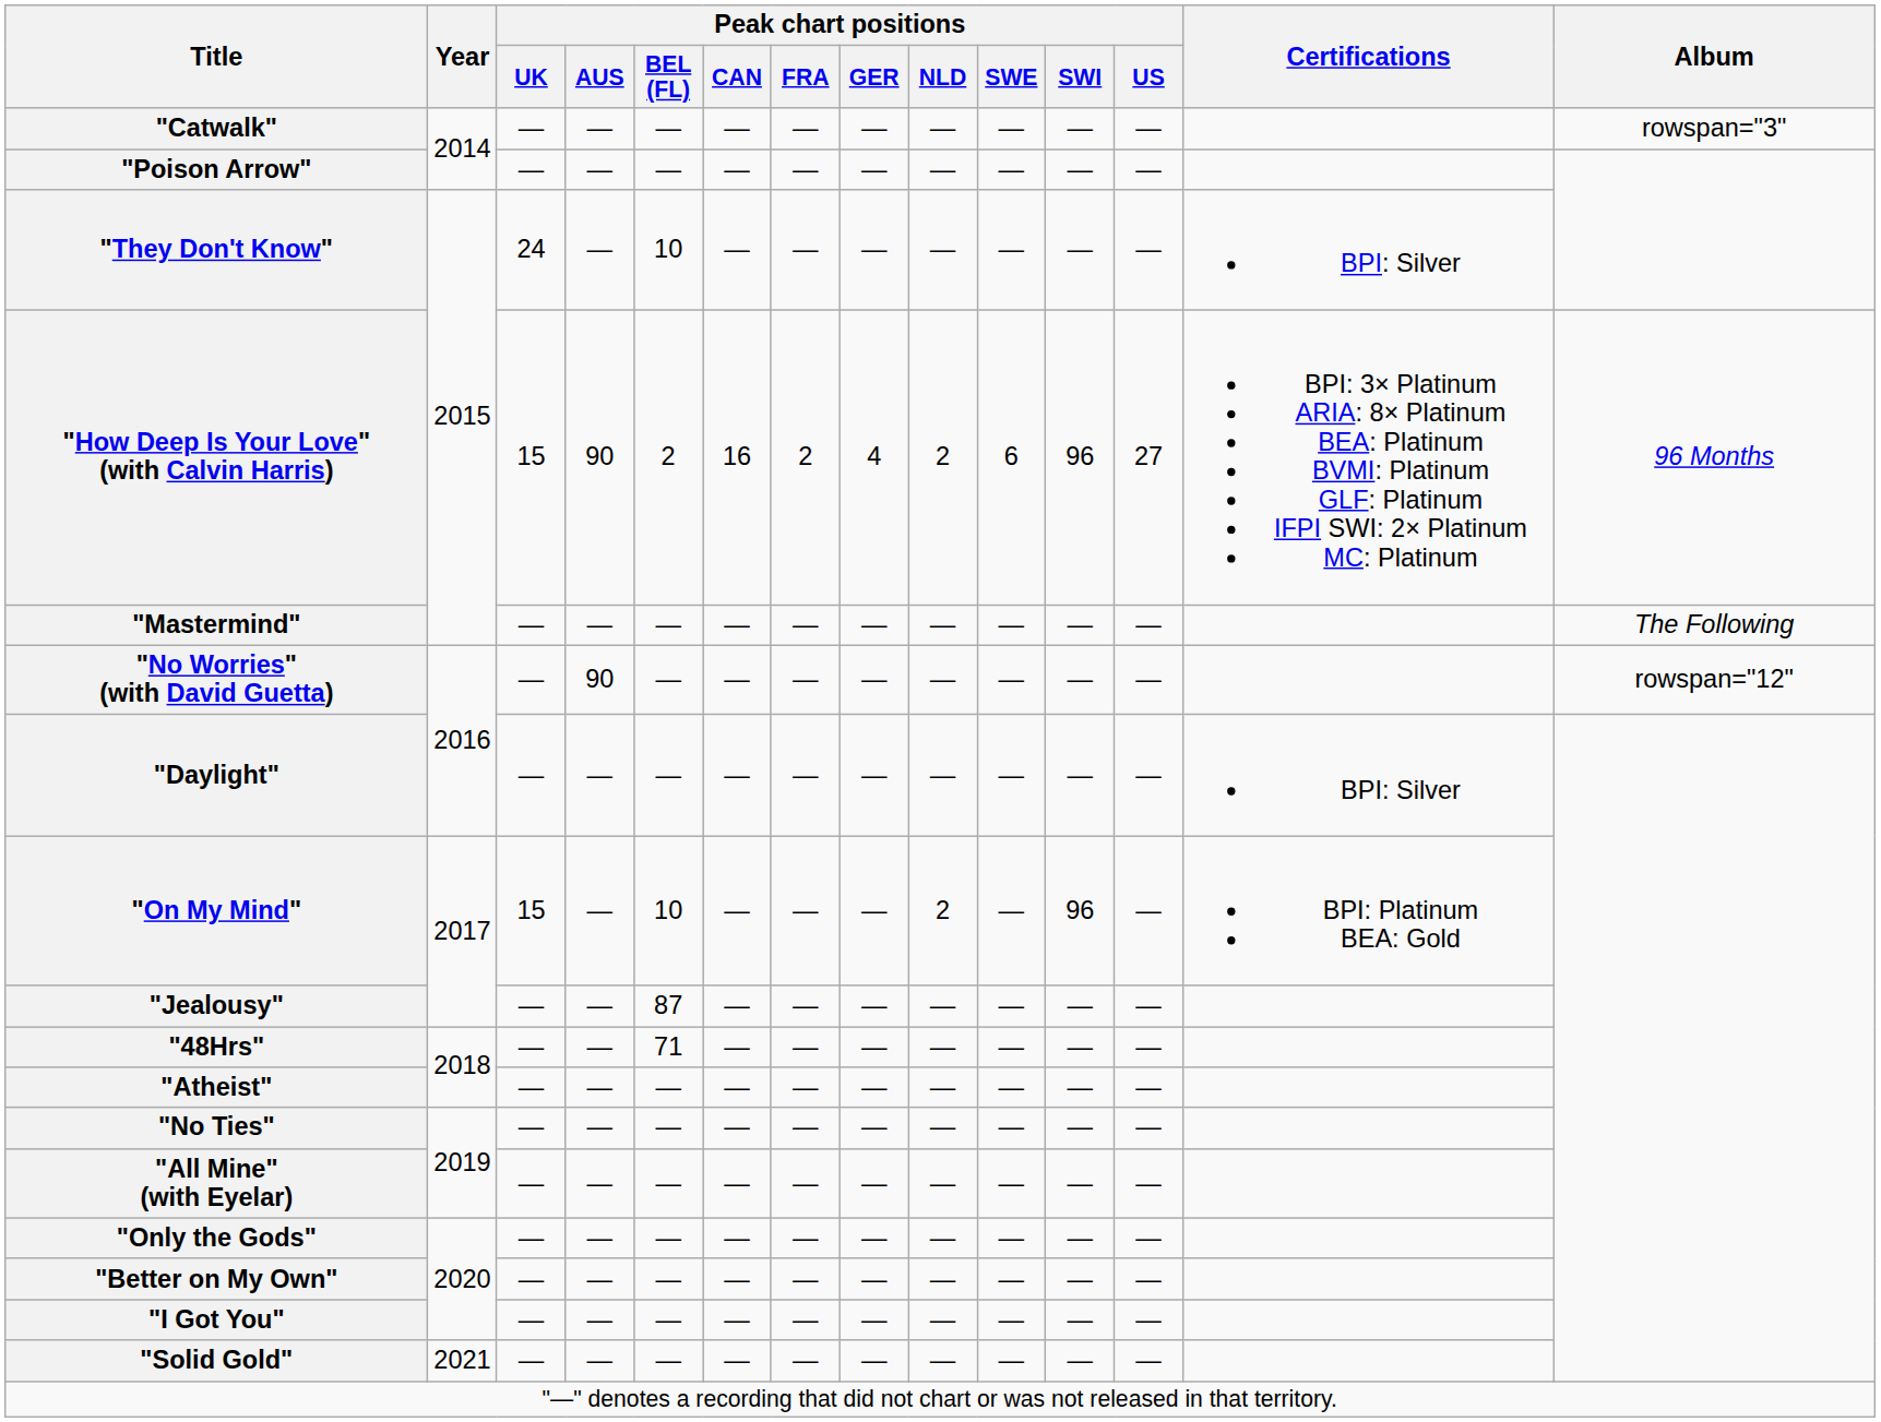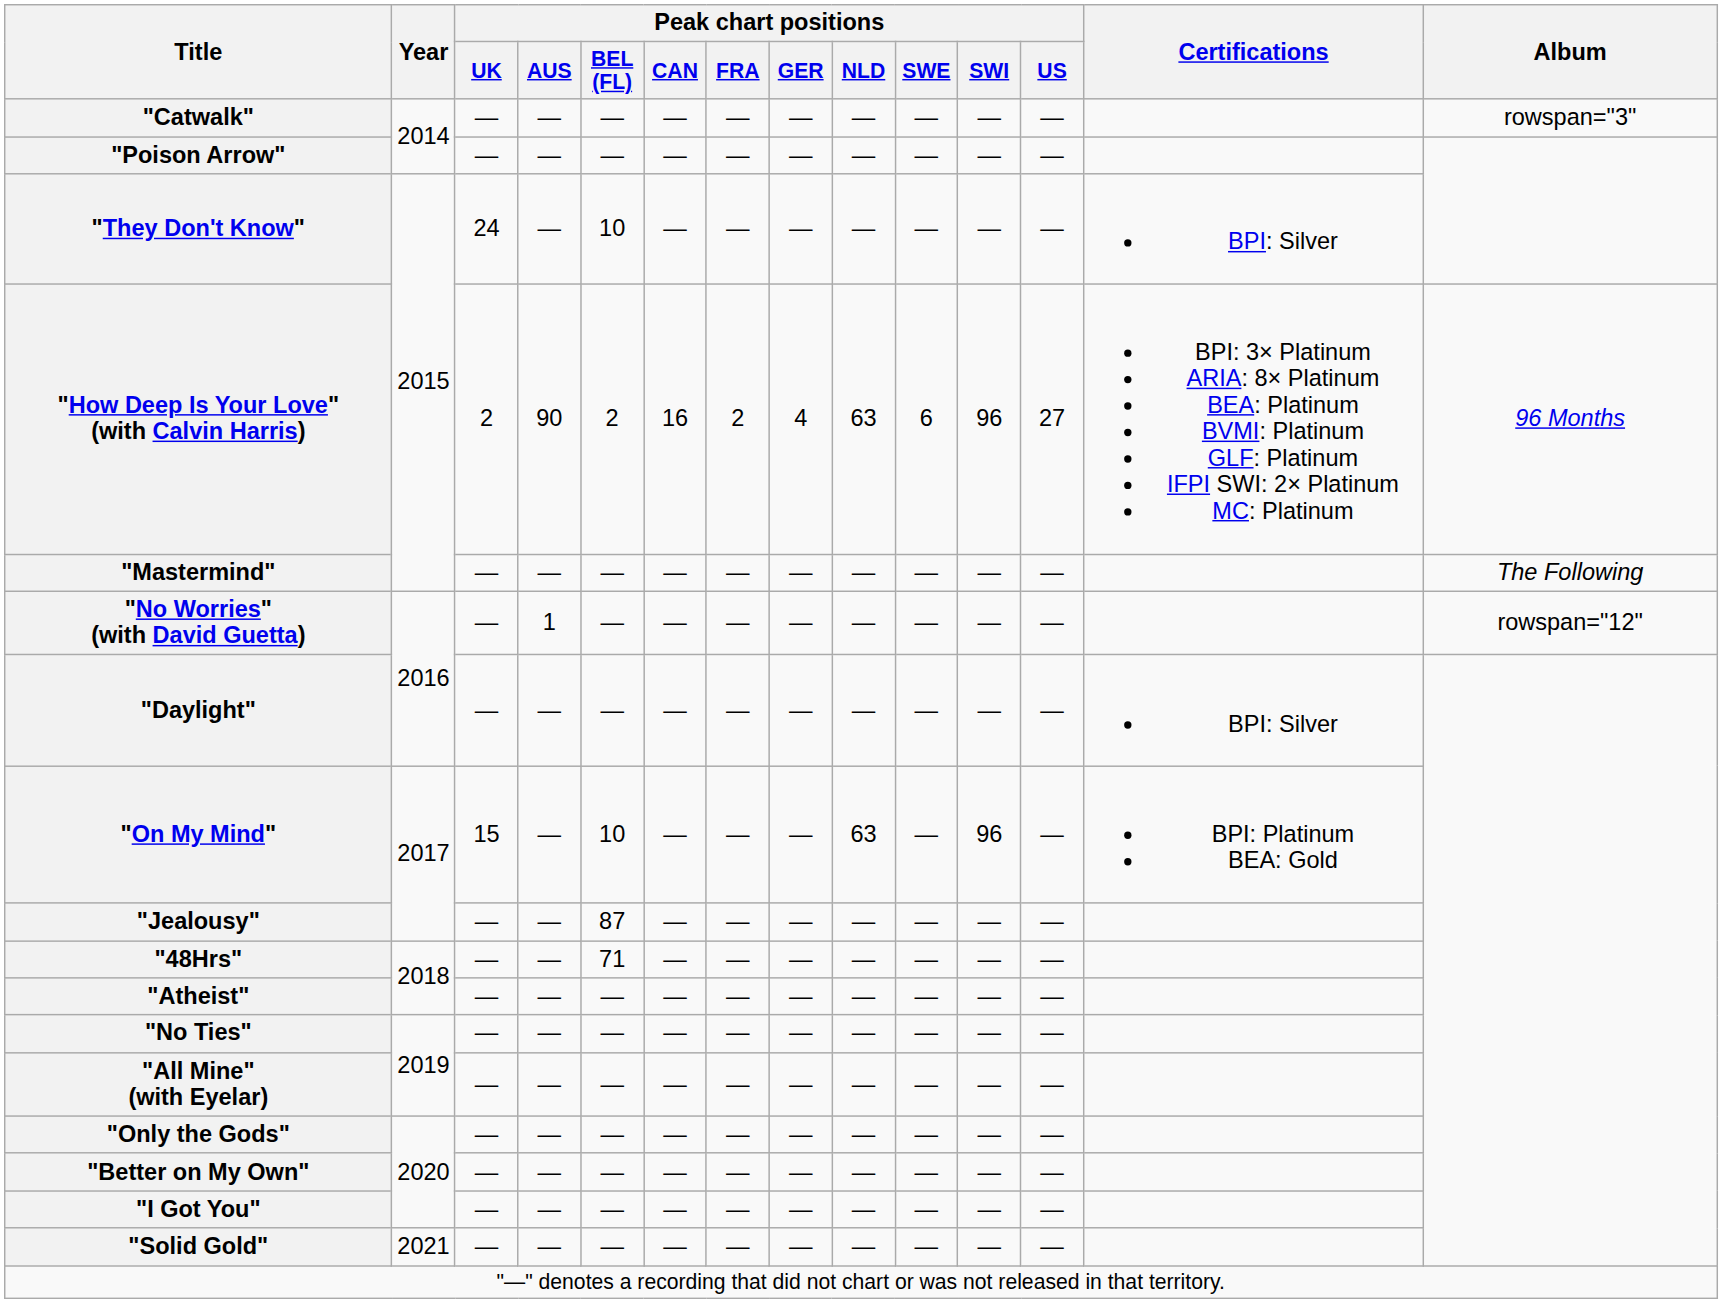 <table class="wikitable plainrowheaders" style="text-align:center;">
 <tr>
 <th scope="col" rowspan="2" style="width:16em;">Title</th>
 <th scope="col" rowspan="2" style="width:1em;">Year</th>
 <th scope="col" colspan="10">Peak chart positions</th>
 <th scope="col" rowspan="2" style="width:14em;"><a href='#'>Certifications</a></th>
 <th scope="col" rowspan="2" style="width:12em;">Album</th>
 </tr>
 <tr>
 <th scope="col" style="width:2.5em;font-size:90%;"><a href='#'>UK</a><br></th>
 <th scope="col" style="width:2.5em;font-size:90%;"><a href='#'>AUS</a><br></th>
 <th scope="col" style="width:2.5em;font-size:90%;"><a href='#'>BEL<br>(FL)</a><br></th>
 <th scope="col" style="width:2.5em;font-size:90%;"><a href='#'>CAN</a><br></th>
 <th scope="col" style="width:2.5em;font-size:90%;"><a href='#'>FRA</a><br></th>
 <th scope="col" style="width:2.5em;font-size:90%;"><a href='#'>GER</a><br></th>
 <th scope="col" style="width:2.5em;font-size:90%;"><a href='#'>NLD</a><br></th>
 <th scope="col" style="width:2.5em;font-size:90%;"><a href='#'>SWE</a><br></th>
 <th scope="col" style="width:2.5em;font-size:90%;"><a href='#'>SWI</a><br></th>
 <th scope="col" style="width:2.5em;font-size:90%;"><a href='#'>US</a><br></th>
 </tr>
 <tr>
 <th scope="row">"Catwalk"</th>
 <td rowspan="2">2014</td>
 <td>—</td>
 <td>—</td>
 <td>—</td>
 <td>—</td>
 <td>—</td>
 <td>—</td>
 <td>—</td>
 <td>—</td>
 <td>—</td>
 <td>—</td>
 <td></td>
 <td>rowspan="3" </td>
 </tr>
 <tr>
 <th scope="row">"Poison Arrow"</th>
 <td>—</td>
 <td>—</td>
 <td>—</td>
 <td>—</td>
 <td>—</td>
 <td>—</td>
 <td>—</td>
 <td>—</td>
 <td>—</td>
 <td>—</td>
 <td></td>
 </tr>
 <tr>
 <th scope="row">"<a href='#'>They Don't Know</a>"</th>
 <td rowspan="3">2015</td>
 <td>24</td>
 <td>—</td>
 <td>10</td>
 <td>—</td>
 <td>—</td>
 <td>—</td>
 <td>—</td>
 <td>—</td>
 <td>—</td>
 <td>—</td>
 <td><br><ul><li><a href='#'>BPI</a>: Silver</li></ul></td>
 </tr>
 <tr>
 <th scope="row">"<a href='#'>How Deep Is Your Love</a>"<br><span>(with <a href='#'>Calvin Harris</a>)</span></th>
-<td>15</td>
+<td>2</td>
 <td>90</td>
 <td>2</td>
 <td>16</td>
 <td>2</td>
 <td>4</td>
-<td>2</td>
+<td>63</td>
 <td>6</td>
 <td>96</td>
 <td>27</td>
 <td><br><ul><li>BPI: 3× Platinum</li><li><a href='#'>ARIA</a>: 8× Platinum</li><li><a href='#'>BEA</a>: Platinum</li><li><a href='#'>BVMI</a>: Platinum</li><li><a href='#'>GLF</a>: Platinum</li><li><a href='#'>IFPI</a> SWI: 2× Platinum</li><li><a href='#'>MC</a>: Platinum</li></ul></td>
 <td><em><a href='#'>96 Months</a></em></td>
 </tr>
 <tr>
 <th scope="row">"Mastermind"</th>
 <td>—</td>
 <td>—</td>
 <td>—</td>
 <td>—</td>
 <td>—</td>
 <td>—</td>
 <td>—</td>
 <td>—</td>
 <td>—</td>
 <td>—</td>
 <td></td>
 <td><em>The Following</em></td>
 </tr>
 <tr>
 <th scope="row">"<a href='#'>No Worries</a>"<br><span>(with <a href='#'>David Guetta</a>)</span></th>
 <td rowspan="2">2016</td>
 <td>—</td>
-<td>90</td>
+<td>1</td>
 <td>—</td>
 <td>—</td>
 <td>—</td>
 <td>—</td>
 <td>—</td>
 <td>—</td>
 <td>—</td>
 <td>—</td>
 <td></td>
 <td>rowspan="12" </td>
 </tr>
 <tr>
 <th scope="row">"Daylight"</th>
 <td>—</td>
 <td>—</td>
 <td>—</td>
 <td>—</td>
 <td>—</td>
 <td>—</td>
 <td>—</td>
 <td>—</td>
 <td>—</td>
 <td>—</td>
 <td><br><ul><li>BPI: Silver</li></ul></td>
 </tr>
 <tr>
 <th scope="row">"<a href='#'>On My Mind</a>"</th>
 <td rowspan="2">2017</td>
 <td>15</td>
 <td>—</td>
 <td>10</td>
 <td>—</td>
 <td>—</td>
 <td>—</td>
-<td>2</td>
+<td>63</td>
 <td>—</td>
 <td>96</td>
 <td>—</td>
 <td><br><ul><li>BPI: Platinum</li><li>BEA: Gold</li></ul></td>
 </tr>
 <tr>
 <th scope="row">"Jealousy"</th>
 <td>—</td>
 <td>—</td>
 <td>87</td>
 <td>—</td>
 <td>—</td>
 <td>—</td>
 <td>—</td>
 <td>—</td>
 <td>—</td>
 <td>—</td>
 <td></td>
 </tr>
 <tr>
 <th scope="row">"48Hrs"</th>
 <td rowspan="2">2018</td>
 <td>—</td>
 <td>—</td>
 <td>71</td>
 <td>—</td>
 <td>—</td>
 <td>—</td>
 <td>—</td>
 <td>—</td>
 <td>—</td>
 <td>—</td>
 <td></td>
 </tr>
 <tr>
 <th scope="row">"Atheist"</th>
 <td>—</td>
 <td>—</td>
 <td>—</td>
 <td>—</td>
 <td>—</td>
 <td>—</td>
 <td>—</td>
 <td>—</td>
 <td>—</td>
 <td>—</td>
 <td></td>
 </tr>
 <tr>
 <th scope="row">"No Ties"</th>
 <td rowspan="2">2019</td>
 <td>—</td>
 <td>—</td>
 <td>—</td>
 <td>—</td>
 <td>—</td>
 <td>—</td>
 <td>—</td>
 <td>—</td>
 <td>—</td>
 <td>—</td>
 <td></td>
 </tr>
 <tr>
 <th scope="row">"All Mine"<br><span>(with Eyelar)</span></th>
 <td>—</td>
 <td>—</td>
 <td>—</td>
 <td>—</td>
 <td>—</td>
 <td>—</td>
 <td>—</td>
 <td>—</td>
 <td>—</td>
 <td>—</td>
 <td></td>
 </tr>
 <tr>
 <th scope="row">"Only the Gods"<br></th>
 <td rowspan="3">2020</td>
 <td>—</td>
 <td>—</td>
 <td>—</td>
 <td>—</td>
 <td>—</td>
 <td>—</td>
 <td>—</td>
 <td>—</td>
 <td>—</td>
 <td>—</td>
 <td></td>
 </tr>
 <tr>
 <th scope="row">"Better on My Own"<br></th>
 <td>—</td>
 <td>—</td>
 <td>—</td>
 <td>—</td>
 <td>—</td>
 <td>—</td>
 <td>—</td>
 <td>—</td>
 <td>—</td>
 <td>—</td>
 <td></td>
 </tr>
 <tr>
 <th scope="row">"I Got You"</th>
 <td>—</td>
 <td>—</td>
 <td>—</td>
 <td>—</td>
 <td>—</td>
 <td>—</td>
 <td>—</td>
 <td>—</td>
 <td>—</td>
 <td>—</td>
 <td></td>
 </tr>
 <tr>
 <th scope="row">"Solid Gold"<br></th>
 <td>2021</td>
 <td>—</td>
 <td>—</td>
 <td>—</td>
 <td>—</td>
 <td>—</td>
 <td>—</td>
 <td>—</td>
 <td>—</td>
 <td>—</td>
 <td>—</td>
 <td></td>
 </tr>
 <tr>
 <td colspan="14" style="font-size:90%">"—" denotes a recording that did not chart or was not released in that territory.</td>
 </tr>
 </table>
